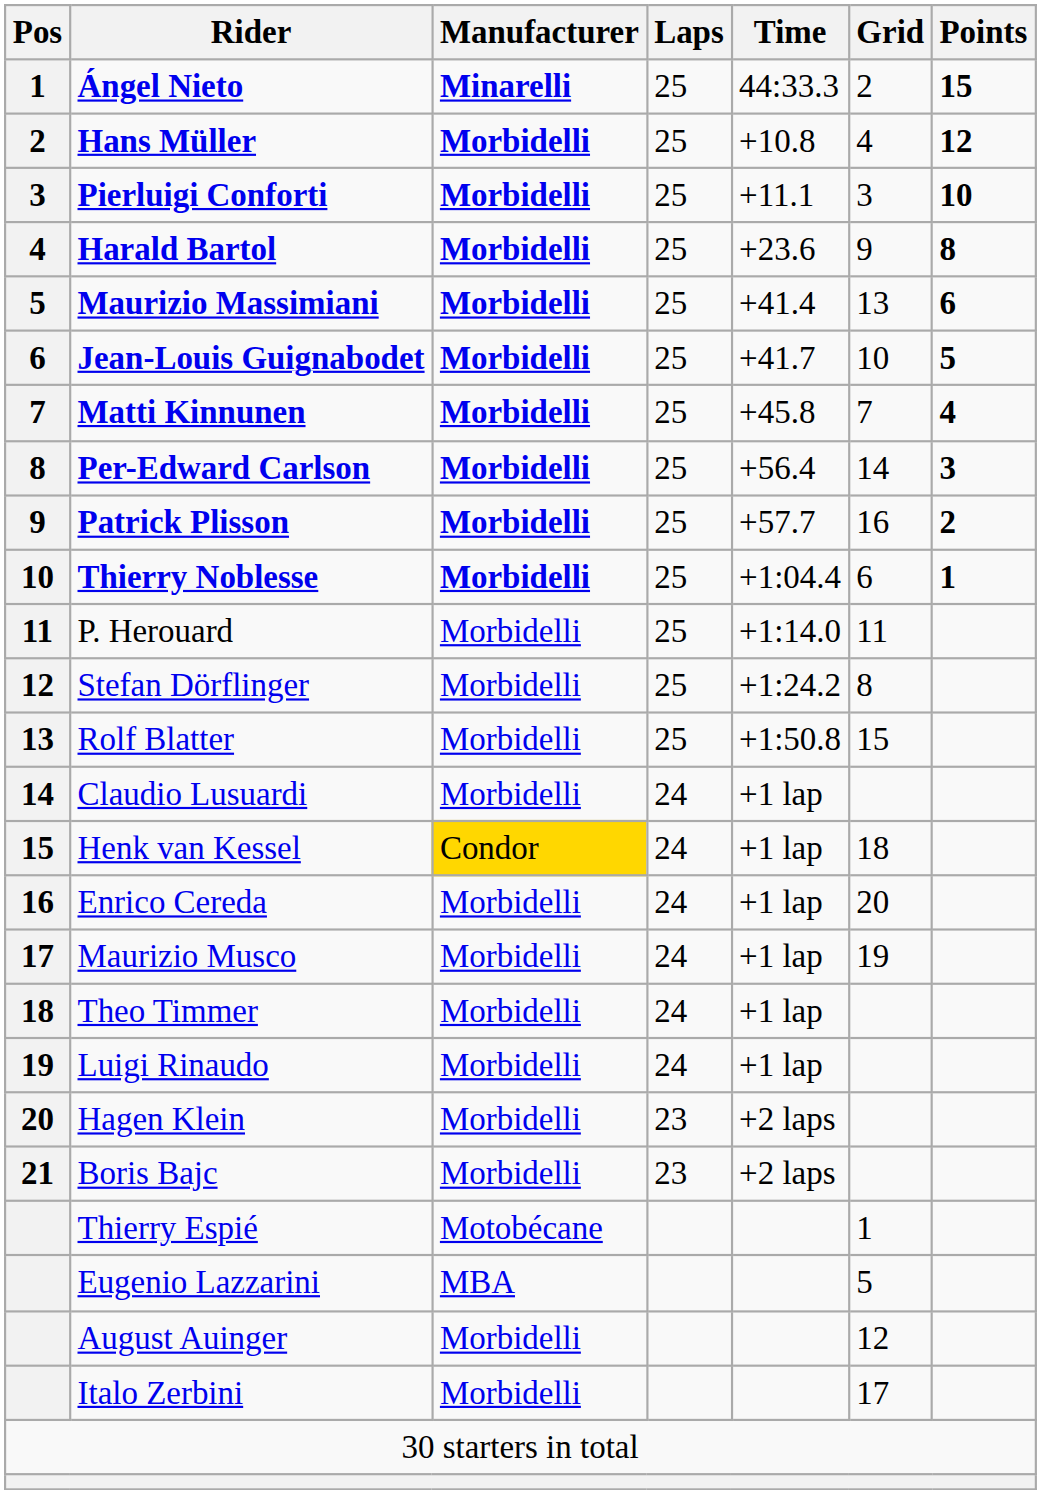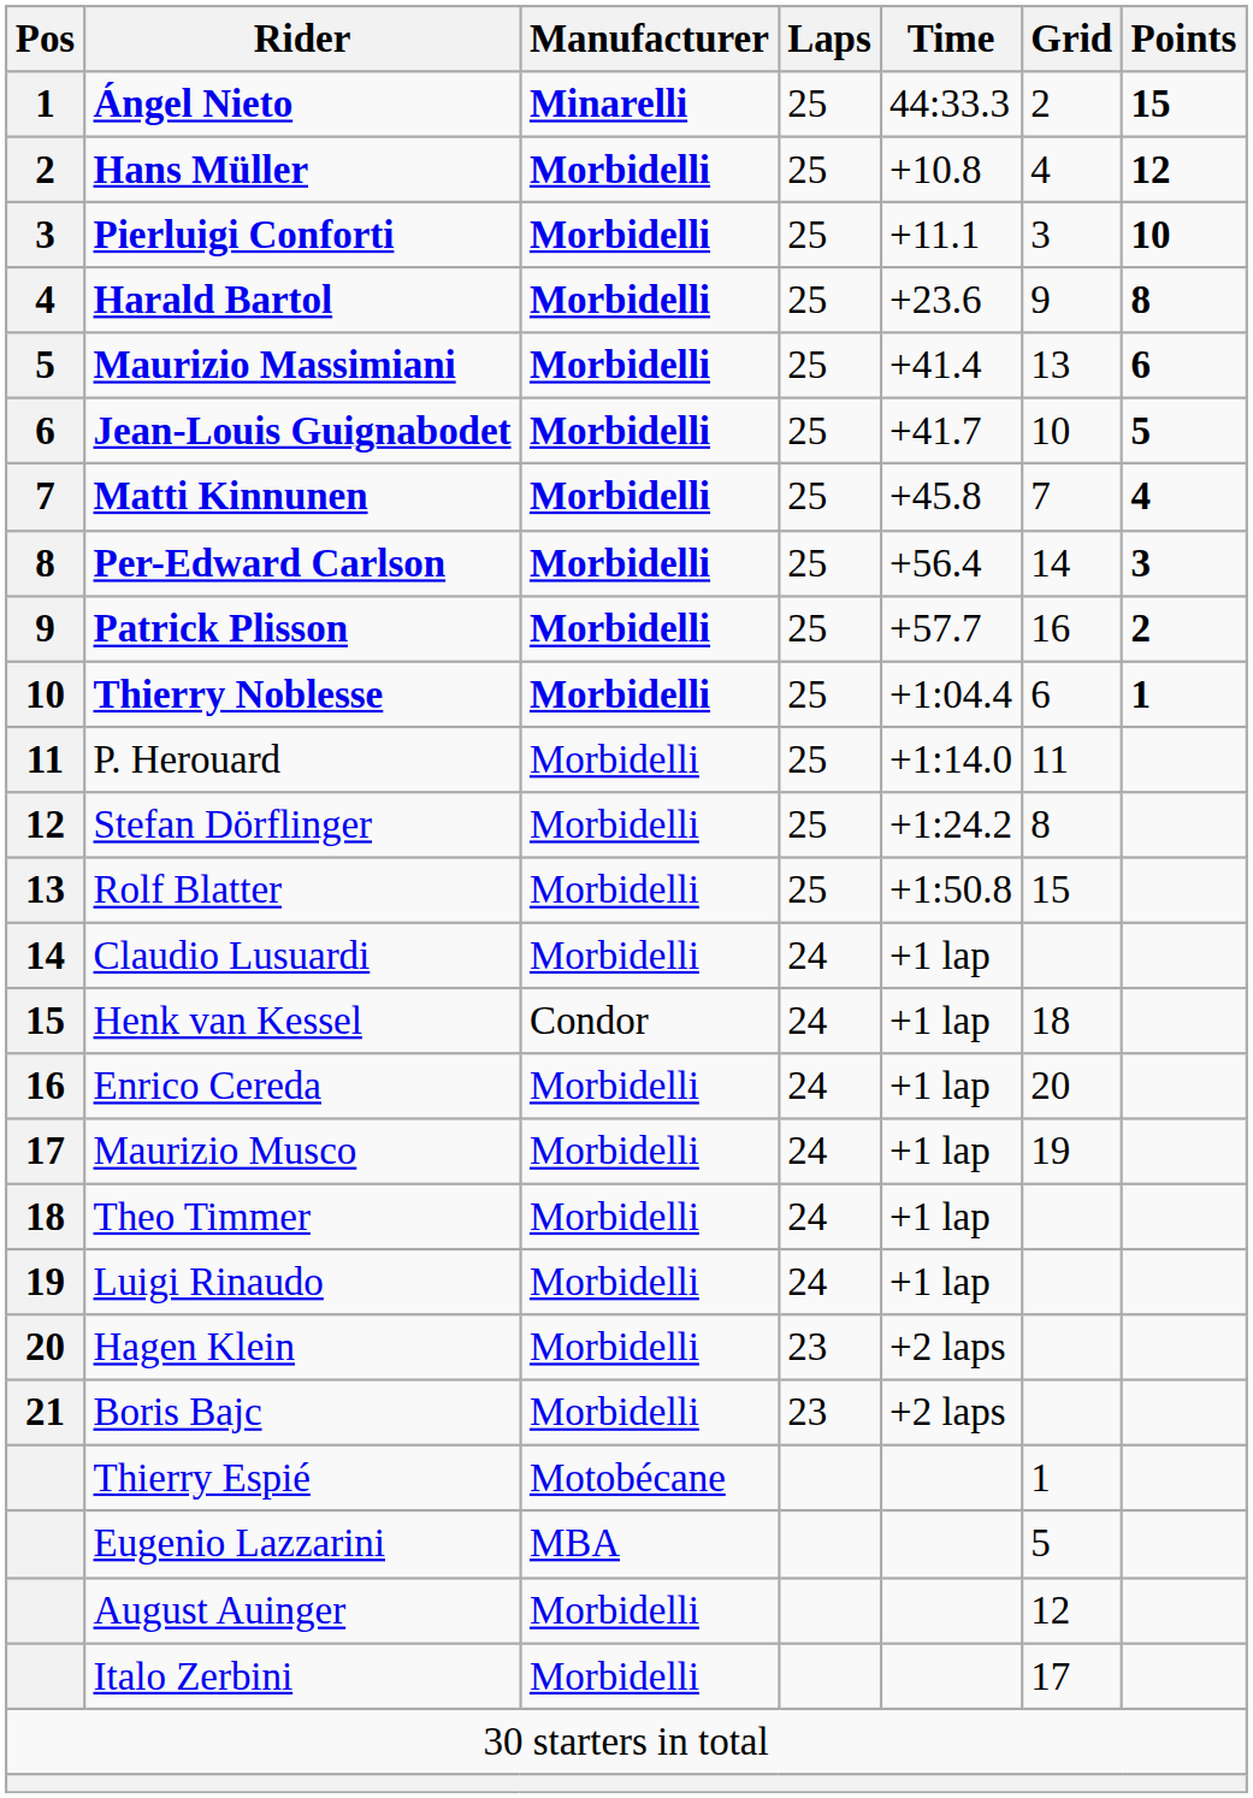 <table class="wikitable" style="font-size: 95%;">
 <tr>
 <th>Pos</th>
 <th>Rider</th>
 <th>Manufacturer</th>
 <th>Laps</th>
 <th>Time</th>
 <th>Grid</th>
 <th>Points</th>
 </tr>
 <tr>
 <th>1</th>
 <td> <strong><a href='#'>Ángel Nieto</a></strong></td>
 <td><strong><a href='#'>Minarelli</a></strong></td>
 <td>25</td>
 <td>44:33.3</td>
 <td>2</td>
 <td><strong>15</strong></td>
 </tr>
 <tr>
 <th>2</th>
 <td> <strong><a href='#'>Hans Müller</a></strong></td>
 <td><strong><a href='#'>Morbidelli</a></strong></td>
 <td>25</td>
 <td>+10.8</td>
 <td>4</td>
 <td><strong>12</strong></td>
 </tr>
 <tr>
 <th>3</th>
 <td> <strong><a href='#'>Pierluigi Conforti</a></strong></td>
 <td><strong><a href='#'>Morbidelli</a></strong></td>
 <td>25</td>
 <td>+11.1</td>
 <td>3</td>
 <td><strong>10</strong></td>
 </tr>
 <tr>
 <th>4</th>
 <td> <strong><a href='#'>Harald Bartol</a></strong></td>
 <td><strong><a href='#'>Morbidelli</a></strong></td>
 <td>25</td>
 <td>+23.6</td>
 <td>9</td>
 <td><strong>8</strong></td>
 </tr>
 <tr>
 <th>5</th>
 <td> <strong><a href='#'>Maurizio Massimiani</a></strong></td>
 <td><strong><a href='#'>Morbidelli</a></strong></td>
 <td>25</td>
 <td>+41.4</td>
 <td>13</td>
 <td><strong>6</strong></td>
 </tr>
 <tr>
 <th>6</th>
 <td> <strong><a href='#'>Jean-Louis Guignabodet</a></strong></td>
 <td><strong><a href='#'>Morbidelli</a></strong></td>
 <td>25</td>
 <td>+41.7</td>
 <td>10</td>
 <td><strong>5</strong></td>
 </tr>
 <tr>
 <th>7</th>
 <td> <strong><a href='#'>Matti Kinnunen</a></strong></td>
 <td><strong><a href='#'>Morbidelli</a></strong></td>
 <td>25</td>
 <td>+45.8</td>
 <td>7</td>
 <td><strong>4</strong></td>
 </tr>
 <tr>
 <th>8</th>
 <td> <strong><a href='#'>Per-Edward Carlson</a></strong></td>
 <td><strong><a href='#'>Morbidelli</a></strong></td>
 <td>25</td>
 <td>+56.4</td>
 <td>14</td>
 <td><strong>3</strong></td>
 </tr>
 <tr>
 <th>9</th>
 <td> <strong><a href='#'>Patrick Plisson</a></strong></td>
 <td><strong><a href='#'>Morbidelli</a></strong></td>
 <td>25</td>
 <td>+57.7</td>
 <td>16</td>
 <td><strong>2</strong></td>
 </tr>
 <tr>
 <th>10</th>
 <td> <strong><a href='#'>Thierry Noblesse</a></strong></td>
 <td><strong><a href='#'>Morbidelli</a></strong></td>
 <td>25</td>
 <td>+1:04.4</td>
 <td>6</td>
 <td><strong>1</strong></td>
 </tr>
 <tr>
 <th>11</th>
 <td> P. Herouard</td>
 <td><a href='#'>Morbidelli</a></td>
 <td>25</td>
 <td>+1:14.0</td>
 <td>11</td>
 <td></td>
 </tr>
 <tr>
 <th>12</th>
 <td> <a href='#'>Stefan Dörflinger</a></td>
 <td><a href='#'>Morbidelli</a></td>
 <td>25</td>
 <td>+1:24.2</td>
 <td>8</td>
 <td></td>
 </tr>
 <tr>
 <th>13</th>
 <td> <a href='#'>Rolf Blatter</a></td>
 <td><a href='#'>Morbidelli</a></td>
 <td>25</td>
 <td>+1:50.8</td>
 <td>15</td>
 <td></td>
 </tr>
 <tr>
 <th>14</th>
 <td> <a href='#'>Claudio Lusuardi</a></td>
 <td><a href='#'>Morbidelli</a></td>
 <td>24</td>
 <td>+1 lap</td>
 <td></td>
 <td></td>
 </tr>
 <tr>
 <th>15</th>
 <td> <a href='#'>Henk van Kessel</a></td>
-<td style="background: gold;">Condor</td>
+<td>Condor</td>
 <td>24</td>
 <td>+1 lap</td>
 <td>18</td>
 <td></td>
 </tr>
 <tr>
 <th>16</th>
 <td> <a href='#'>Enrico Cereda</a></td>
 <td><a href='#'>Morbidelli</a></td>
 <td>24</td>
 <td>+1 lap</td>
 <td>20</td>
 <td></td>
 </tr>
 <tr>
 <th>17</th>
 <td> <a href='#'>Maurizio Musco</a></td>
 <td><a href='#'>Morbidelli</a></td>
 <td>24</td>
 <td>+1 lap</td>
 <td>19</td>
 <td></td>
 </tr>
 <tr>
 <th>18</th>
 <td> <a href='#'>Theo Timmer</a></td>
 <td><a href='#'>Morbidelli</a></td>
 <td>24</td>
 <td>+1 lap</td>
 <td></td>
 <td></td>
 </tr>
 <tr>
 <th>19</th>
 <td> <a href='#'>Luigi Rinaudo</a></td>
 <td><a href='#'>Morbidelli</a></td>
 <td>24</td>
 <td>+1 lap</td>
 <td></td>
 <td></td>
 </tr>
 <tr>
 <th>20</th>
 <td> <a href='#'>Hagen Klein</a></td>
 <td><a href='#'>Morbidelli</a></td>
 <td>23</td>
 <td>+2 laps</td>
 <td></td>
 <td></td>
 </tr>
 <tr>
 <th>21</th>
 <td> <a href='#'>Boris Bajc</a></td>
 <td><a href='#'>Morbidelli</a></td>
 <td>23</td>
 <td>+2 laps</td>
 <td></td>
 <td></td>
 </tr>
 <tr>
 <th></th>
 <td> <a href='#'>Thierry Espié</a></td>
 <td><a href='#'>Motobécane</a></td>
 <td></td>
 <td></td>
 <td>1</td>
 <td></td>
 </tr>
 <tr>
 <th></th>
 <td> <a href='#'>Eugenio Lazzarini</a></td>
 <td><a href='#'>MBA</a></td>
 <td></td>
 <td></td>
 <td>5</td>
 <td></td>
 </tr>
 <tr>
 <th></th>
 <td> <a href='#'>August Auinger</a></td>
 <td><a href='#'>Morbidelli</a></td>
 <td></td>
 <td></td>
 <td>12</td>
 <td></td>
 </tr>
 <tr>
 <th></th>
 <td> <a href='#'>Italo Zerbini</a></td>
 <td><a href='#'>Morbidelli</a></td>
 <td></td>
 <td></td>
 <td>17</td>
 <td></td>
 </tr>
 <tr>
 <td colspan=7 align=center>30 starters in total</td>
 </tr>
 <tr>
 <th colspan=7></th>
 </tr>
 </table>
